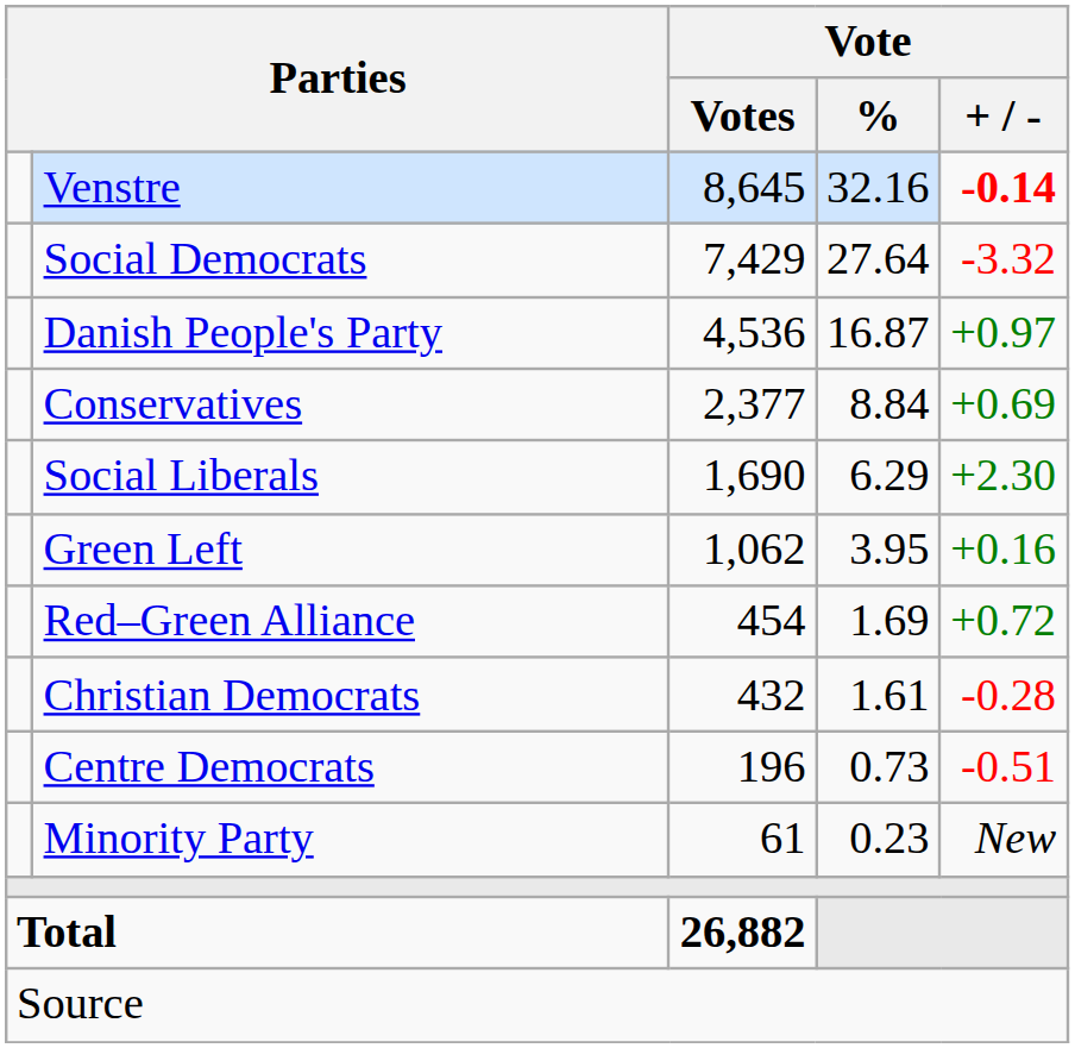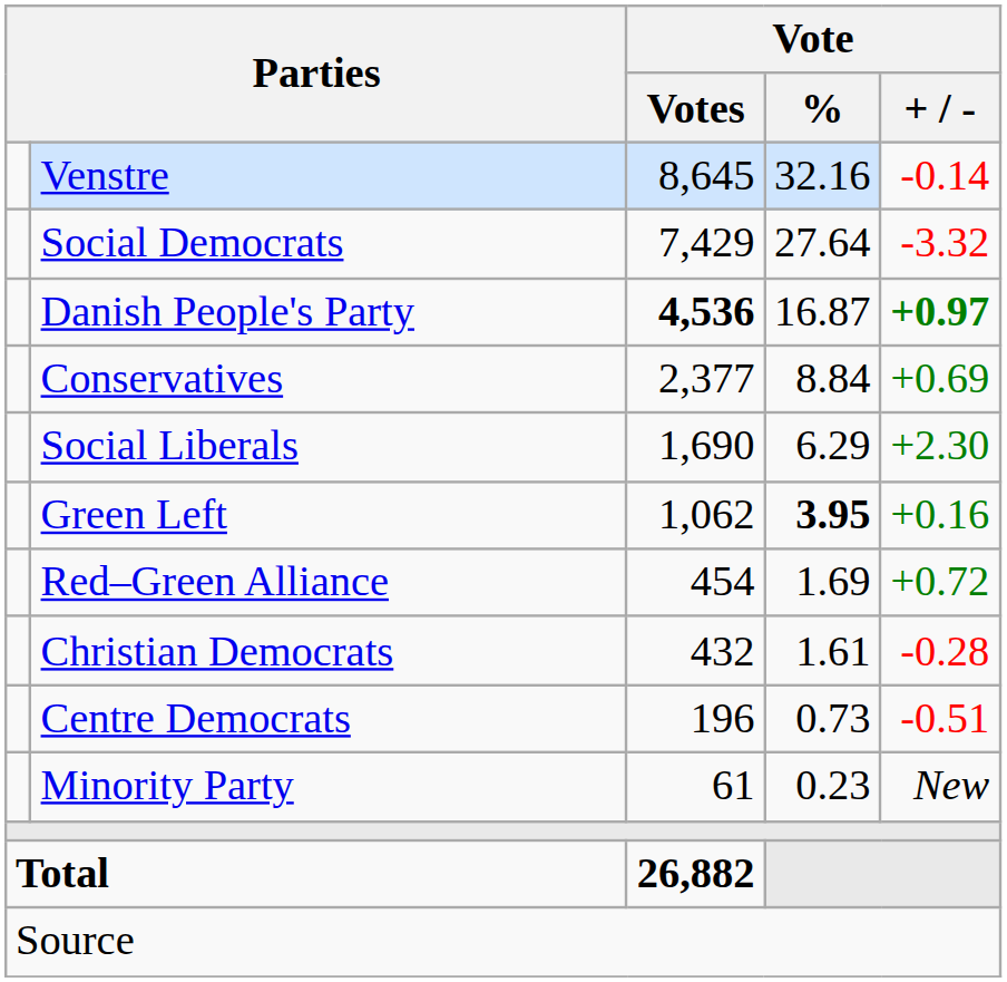 <table class="wikitable" style="text-align:right;">
 <tr>
 <th style="text-align:centre;" rowspan="2" colspan="2" width="225">Parties</th>
 <th colspan="3">Vote</th>
 </tr>
 <tr>
 <th width="15">Votes</th>
 <th width="15">%</th>
 <th width="15">+ / -</th>
 </tr>
 <tr>
 <td width="2" style="color:inherit;background:"></td>
 <td bgcolor=#cfe5fe  align="left"><a href='#'>Venstre</a></td>
 <td bgcolor=#cfe5fe>8,645</td>
 <td bgcolor=#cfe5fe>32.16</td>
-<td style=color:red;><strong>-0.14</strong></td>
+<td style=color:red;>-0.14</td>
 </tr>
 <tr>
 <td width="2" style="color:inherit;background:"></td>
 <td align="left"><a href='#'>Social Democrats</a></td>
 <td>7,429</td>
 <td>27.64</td>
 <td style=color:red;>-3.32</td>
 </tr>
 <tr>
 <td width="2" style="color:inherit;background:"></td>
 <td align="left"><a href='#'>Danish People's Party</a></td>
-<td>4,536</td>
+<td><strong>4,536</strong></td>
 <td>16.87</td>
-<td style=color:green;>+0.97</td>
+<td style=color:green;><strong>+0.97</strong></td>
 </tr>
 <tr>
 <td width="2" style="color:inherit;background:"></td>
 <td align="left"><a href='#'>Conservatives</a></td>
 <td>2,377</td>
 <td>8.84</td>
 <td style=color:green;>+0.69</td>
 </tr>
 <tr>
 <td width="2" style="color:inherit;background:"></td>
 <td align="left"><a href='#'>Social Liberals</a></td>
 <td>1,690</td>
 <td>6.29</td>
 <td style=color:green;>+2.30</td>
 </tr>
 <tr>
 <td width="2" style="color:inherit;background:"></td>
 <td align="left"><a href='#'>Green Left</a></td>
 <td>1,062</td>
-<td>3.95</td>
+<td><strong>3.95</strong></td>
 <td style=color:green;>+0.16</td>
 </tr>
 <tr>
 <td width="2" style="color:inherit;background:"></td>
 <td align="left"><a href='#'>Red–Green Alliance</a></td>
 <td>454</td>
 <td>1.69</td>
 <td style=color:green;>+0.72</td>
 </tr>
 <tr>
 <td width="2" style="color:inherit;background:"></td>
 <td align="left"><a href='#'>Christian Democrats</a></td>
 <td>432</td>
 <td>1.61</td>
 <td style=color:red;>-0.28</td>
 </tr>
 <tr>
 <td width="2" style="color:inherit;background:"></td>
 <td align="left"><a href='#'>Centre Democrats</a></td>
 <td>196</td>
 <td>0.73</td>
 <td style=color:red;>-0.51</td>
 </tr>
 <tr>
 <td width="2" style="color:inherit;background:"></td>
 <td align="left"><a href='#'>Minority Party</a></td>
 <td>61</td>
 <td>0.23</td>
 <td><em>New</em></td>
 </tr>
 <tr>
 <td colspan="7" bgcolor="#E9E9E9"></td>
 </tr>
 <tr>
 <td align="left" colspan="2"><strong>Total</strong></td>
 <td><strong>26,882</strong></td>
 <td bgcolor="#E9E9E9" colspan="2"></td>
 </tr>
 <tr>
 <td align="left" colspan="6">Source</td>
 </tr>
 </table>
